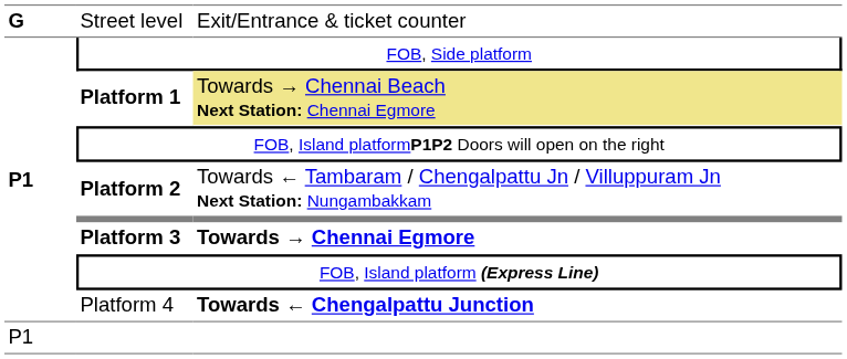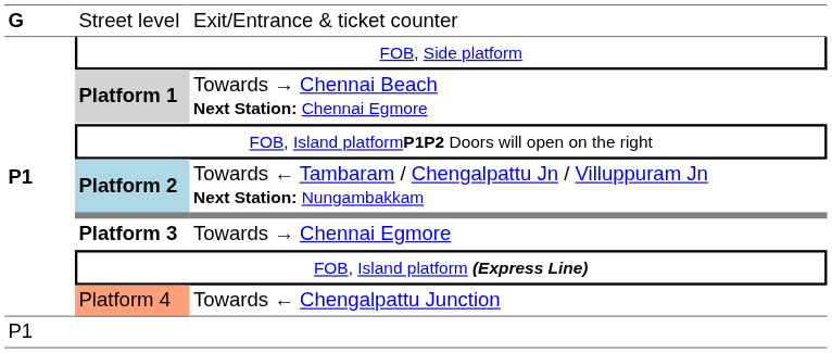 <table cellpadding="3" cellspacing="0" border="0">
 <tr>
 <td valign="top" width="30" style="border-top:solid 1px gray;border-bottom:solid 1px gray;"><strong>G</strong></td>
 <td valign="top" width="85" style="border-top:solid 1px gray;border-bottom:solid 1px gray;">Street level</td>
 <td valign="top" width="500" style="border-top:solid 1px gray;border-bottom:solid 1px gray;">Exit/Entrance & ticket counter</td>
 </tr>
 <tr>
 <td rowspan="7" style="border-bottom:solid 1px gray;" width="30" valign="center"><strong>P1</strong></td>
 <td colspan="2" style="border-right:solid 2px black;border-left:solid 2px black;border-bottom:solid 2px black;text-align:center;"><a href='#'><small>FOB</small></a><small>, <a href='#'>Side platform</a></small></td>
 </tr>
 <tr>
-<td width="85" style="border-bottom:solid 1px white;"><span><strong>Platform 1</strong></span></td>
-<td width="500" style="background: khaki; border-bottom:solid 1px white;">Towards → <a href='#'>Chennai Beach</a><br><small><strong>Next Station:</strong> <a href='#'>Chennai Egmore</a></small></td>
+<td width="85" style="background: lightgrey; border-bottom:solid 1px white;"><span><strong>Platform 1</strong></span></td>
+<td width="500" style="border-bottom:solid 1px white;">Towards → <a href='#'>Chennai Beach</a><br><small><strong>Next Station:</strong> <a href='#'>Chennai Egmore</a></small></td>
 </tr>
 <tr>
 <td colspan="2" style="border-top:solid 2px black;border-right:solid 2px black;border-left:solid 2px black;border-bottom:solid 2px black;text-align:center;"><a href='#'><small>FOB</small></a><small>, <a href='#'>Island platform</a><strong>P1</strong><strong>P2</strong> Doors will open on the right</small></td>
 </tr>
 <tr>
-<td width="85" style="border-bottom:solid 5px gray;"><span><strong>Platform 2</strong></span></td>
+<td width="85" style="background: lightblue; border-bottom:solid 5px gray;"><span><strong>Platform 2</strong></span></td>
 <td width="500" style="border-bottom:solid 5px gray;">Towards ← <a href='#'>Tambaram</a> / <a href='#'>Chengalpattu Jn</a> / <a href='#'>Villuppuram Jn</a><br><small><strong>Next Station:</strong> <a href='#'>Nungambakkam</a></small></td>
 </tr>
 <tr>
 <td width="85" style="border-bottom:solid 1px white;"><span><strong>Platform 3</strong></span></td>
-<td style="border-bottom:solid 1px white;" width="500"><strong>Towards → <a href='#'>Chennai Egmore</a></strong></td>
+<td style="border-bottom:solid 1px white;" width="500">Towards → <a href='#'>Chennai Egmore</a></td>
 </tr>
 <tr>
 <td colspan="2" style="border-top:solid 2px black;border-right:solid 2px black;border-left:solid 2px black;border-bottom:solid 2px black;text-align:center;"><a href='#'><small>FOB</small></a><small>, <a href='#'>Island platform</a> <strong></strong> <strong><em>(Express Line)<strong><em></small></td>
 </tr>
 <tr>
-<td width="85" style="border-bottom:solid 1px gray;"><span></strong>Platform 4<strong></span></td>
-<td style="border-bottom:solid 1px gray;" width="500"><strong>Towards ← <a href='#'>Chengalpattu Junction</a></strong></td>
+<td width="85" style="background: lightsalmon; border-bottom:solid 1px gray;"><span></strong>Platform 4<strong></span></td>
+<td style="border-bottom:solid 1px gray;" width="500">Towards ← <a href='#'>Chengalpattu Junction</a></td>
 </tr>
 <tr>
 <td style="border-bottom:solid 1px gray;" width="50" valign="top"></strong>P1<strong></td>
 <td style="border-bottom:solid 1px gray;" width="50" valign="top"></td>
 <td style="border-bottom:solid 1px gray;" width="50" valign="top"></td>
 </tr>
 <tr>
 </tr>
 </table>
